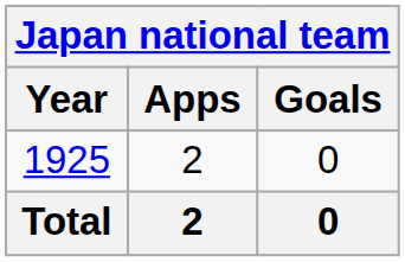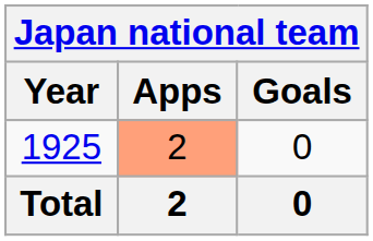 <table class="wikitable" style="text-align:center">
 <tr>
 <th colspan=3><a href='#'>Japan national team</a></th>
 </tr>
 <tr>
 <th>Year</th>
 <th>Apps</th>
 <th>Goals</th>
 </tr>
 <tr>
 <td><a href='#'>1925</a></td>
-<td>2</td>
+<td style="background: lightsalmon;">2</td>
 <td>0</td>
 </tr>
 <tr>
 <th>Total</th>
 <th>2</th>
 <th>0</th>
 </tr>
 </table>
